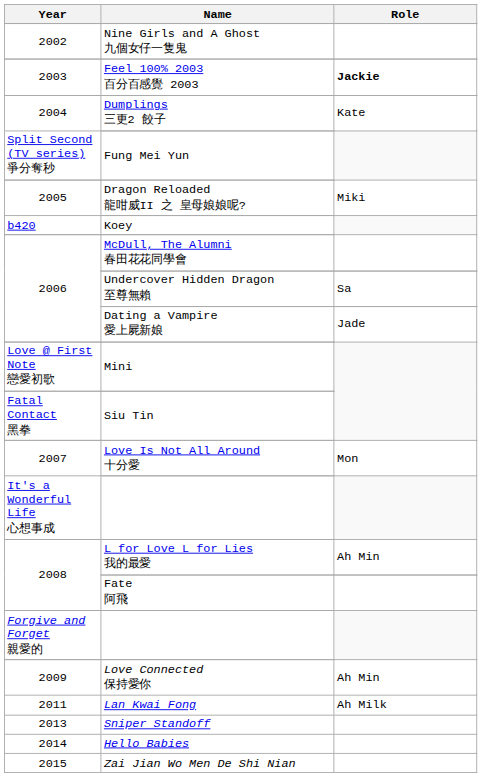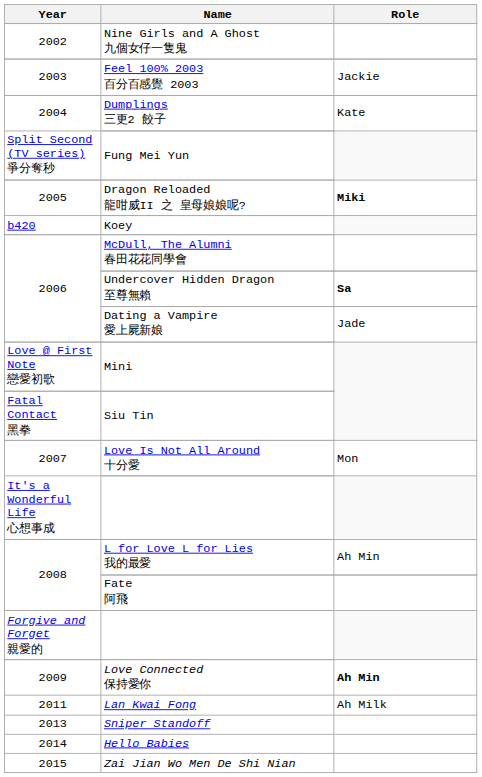 <table class="wikitable">
 <tr>
 <th align-"left" width="100">Year</th>
 <th align="left" width="250">Name</th>
 <th align="left" width="150">Role</th>
 </tr>
 <tr>
 </tr>
 <tr bgcolor="#FFFFFF">
 <td align="center">2002</td>
 <td align="left">Nine Girls and A Ghost <br> 九個女仔一隻鬼</td>
 <td align="left"></td>
 </tr>
 <tr>
 </tr>
 <tr bgcolor="#FFFFFF">
 <td align="center">2003</td>
 <td align="left"><a href='#'>Feel 100% 2003</a> <br> 百分百感覺 2003</td>
-<td align="left"><strong>Jackie</strong></td>
+<td align="left">Jackie</td>
 </tr>
 <tr>
 </tr>
 <tr bgcolor="#FFFFFF">
 <td rowspan = "2" align="center">2004</td>
 <td align="left"><a href='#'>Dumplings</a> <br> 三更2 餃子</td>
 <td align="left">Kate</td>
 </tr>
 <tr>
 </tr>
 <tr bgcolor="#FFFFFF">
 <td align="left"><a href='#'>Split Second (TV series)</a> <br> 爭分奪秒</td>
 <td align="left">Fung Mei Yun</td>
 </tr>
 <tr>
 </tr>
 <tr bgcolor="#FFFFFF">
 <td rowspan = "2" align="center">2005</td>
 <td align="left">Dragon Reloaded <br>龍咁威II 之 皇母娘娘呢?</td>
-<td align="left">Miki</td>
+<td align="left"><strong>Miki</strong></td>
 </tr>
 <tr>
 </tr>
 <tr bgcolor="#FFFFFF">
 <td align="left"><a href='#'>b420</a></td>
 <td align="left">Koey</td>
 </tr>
 <tr>
 </tr>
 <tr bgcolor="#FFFFFF">
 <td rowspan="5" align="center">2006</td>
 <td align="left"><a href='#'>McDull, The Alumni</a> <br> 春田花花同學會</td>
 <td align="left"></td>
 </tr>
 <tr>
 </tr>
 <tr bgcolor="#FFFFFF">
 <td align="left">Undercover Hidden Dragon <br> 至尊無賴</td>
-<td align="left">Sa</td>
+<td align="left"><strong>Sa</strong></td>
 </tr>
 <tr>
 </tr>
 <tr bgcolor="#FFFFFF">
 <td align="left">Dating a Vampire <br> 愛上屍新娘</td>
 <td align="left">Jade</td>
 </tr>
 <tr>
 </tr>
 <tr bgcolor="#FFFFFF">
 <td align="left"><a href='#'>Love @ First Note</a><br>戀愛初歌</td>
 <td align="left">Mini</td>
 </tr>
 <tr>
 </tr>
 <tr bgcolor="#FFFFFF">
 <td align="left"><a href='#'>Fatal Contact</a><br>黑拳</td>
 <td align="left">Siu Tin</td>
 </tr>
 <tr>
 </tr>
 <tr bgcolor="#FFFFFF">
 <td rowspan="2" align="center">2007</td>
 <td align="left"><a href='#'>Love Is Not All Around</a><br>十分愛</td>
 <td align="left">Mon</td>
 </tr>
 <tr>
 </tr>
 <tr bgcolor="#FFFFFF">
 <td align="left"><a href='#'>It's a Wonderful Life</a><br>心想事成</td>
 <td align="left"></td>
 </tr>
 <tr>
 </tr>
 <tr bgcolor="#FFFFFF">
 <td rowspan="3" align="center">2008</td>
 <td align="left"><a href='#'>L for Love L for Lies</a><br>我的最愛</td>
 <td align="left">Ah Min</td>
 </tr>
 <tr>
 </tr>
 <tr bgcolor="#FFFFFF">
 <td align="left">Fate<br>阿飛</td>
 <td align="left"></td>
 </tr>
 <tr>
 </tr>
 <tr bgcolor="#FFFFFF">
 <td align="left"><em><a href='#'>Forgive and Forget</a></em><br>親愛的</td>
 <td align="left"></td>
 </tr>
 <tr>
 </tr>
 <tr bgcolor="#FFFFFF">
 <td align="center">2009</td>
 <td align="left"><em>Love Connected</em><br>保持愛你</td>
-<td align="left">Ah Min</td>
+<td align="left"><strong>Ah Min</strong></td>
 </tr>
 <tr bgcolor="#FFFFFF">
 <td align="center">2011</td>
 <td align="left"><em><a href='#'>Lan Kwai Fong</a></em></td>
 <td align="left">Ah Milk</td>
 </tr>
 <tr bgcolor="#FFFFFF">
 <td align="center">2013</td>
 <td align="left"><em><a href='#'>Sniper Standoff</a></em></td>
 <td align="left"></td>
 </tr>
 <tr bgcolor="#FFFFFF">
 <td align="center">2014</td>
 <td align="left"><em><a href='#'>Hello Babies</a></em></td>
 <td align="left"></td>
 </tr>
 <tr bgcolor="#FFFFFF">
 <td align="center">2015</td>
 <td align="left"><em>Zai Jian Wo Men De Shi Nian</em></td>
 <td align="left"></td>
 </tr>
 </table>
